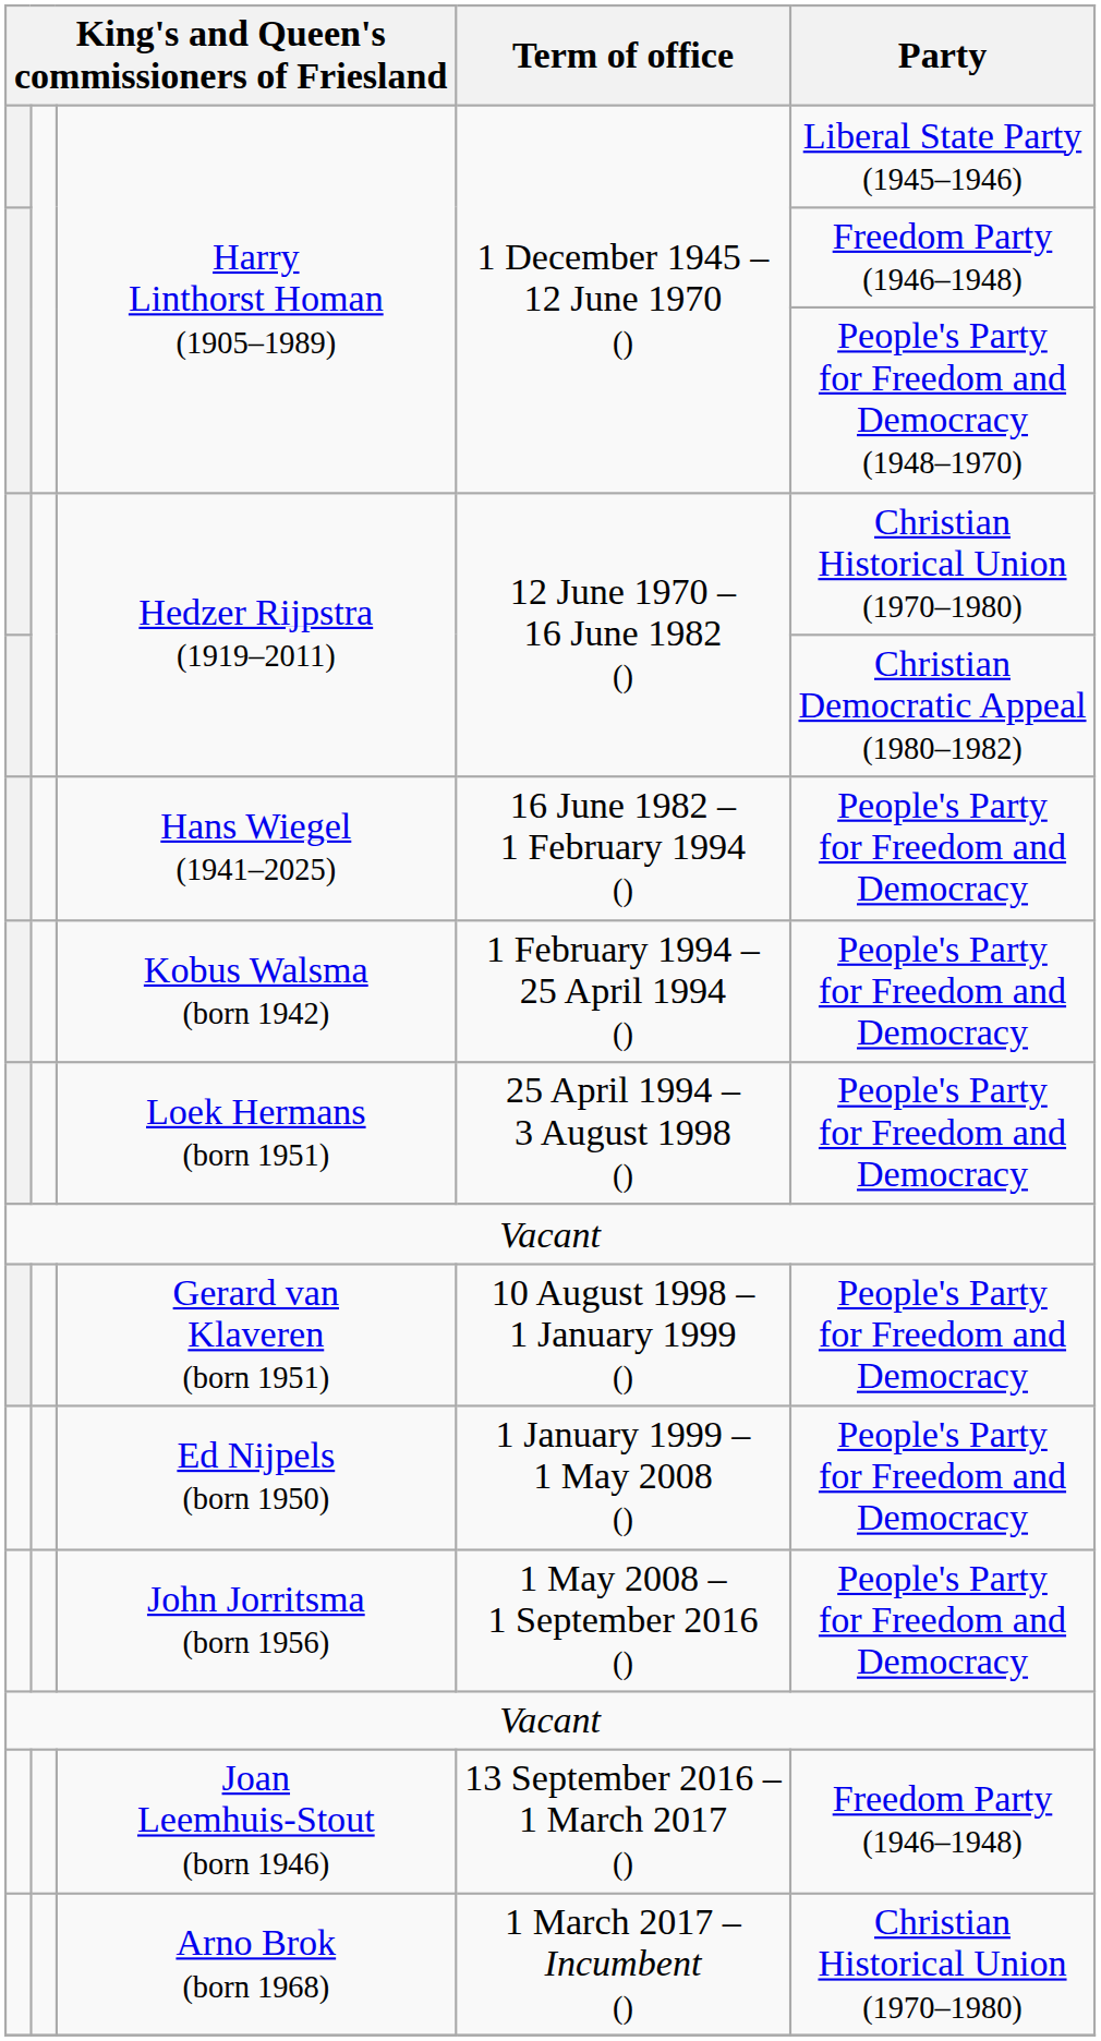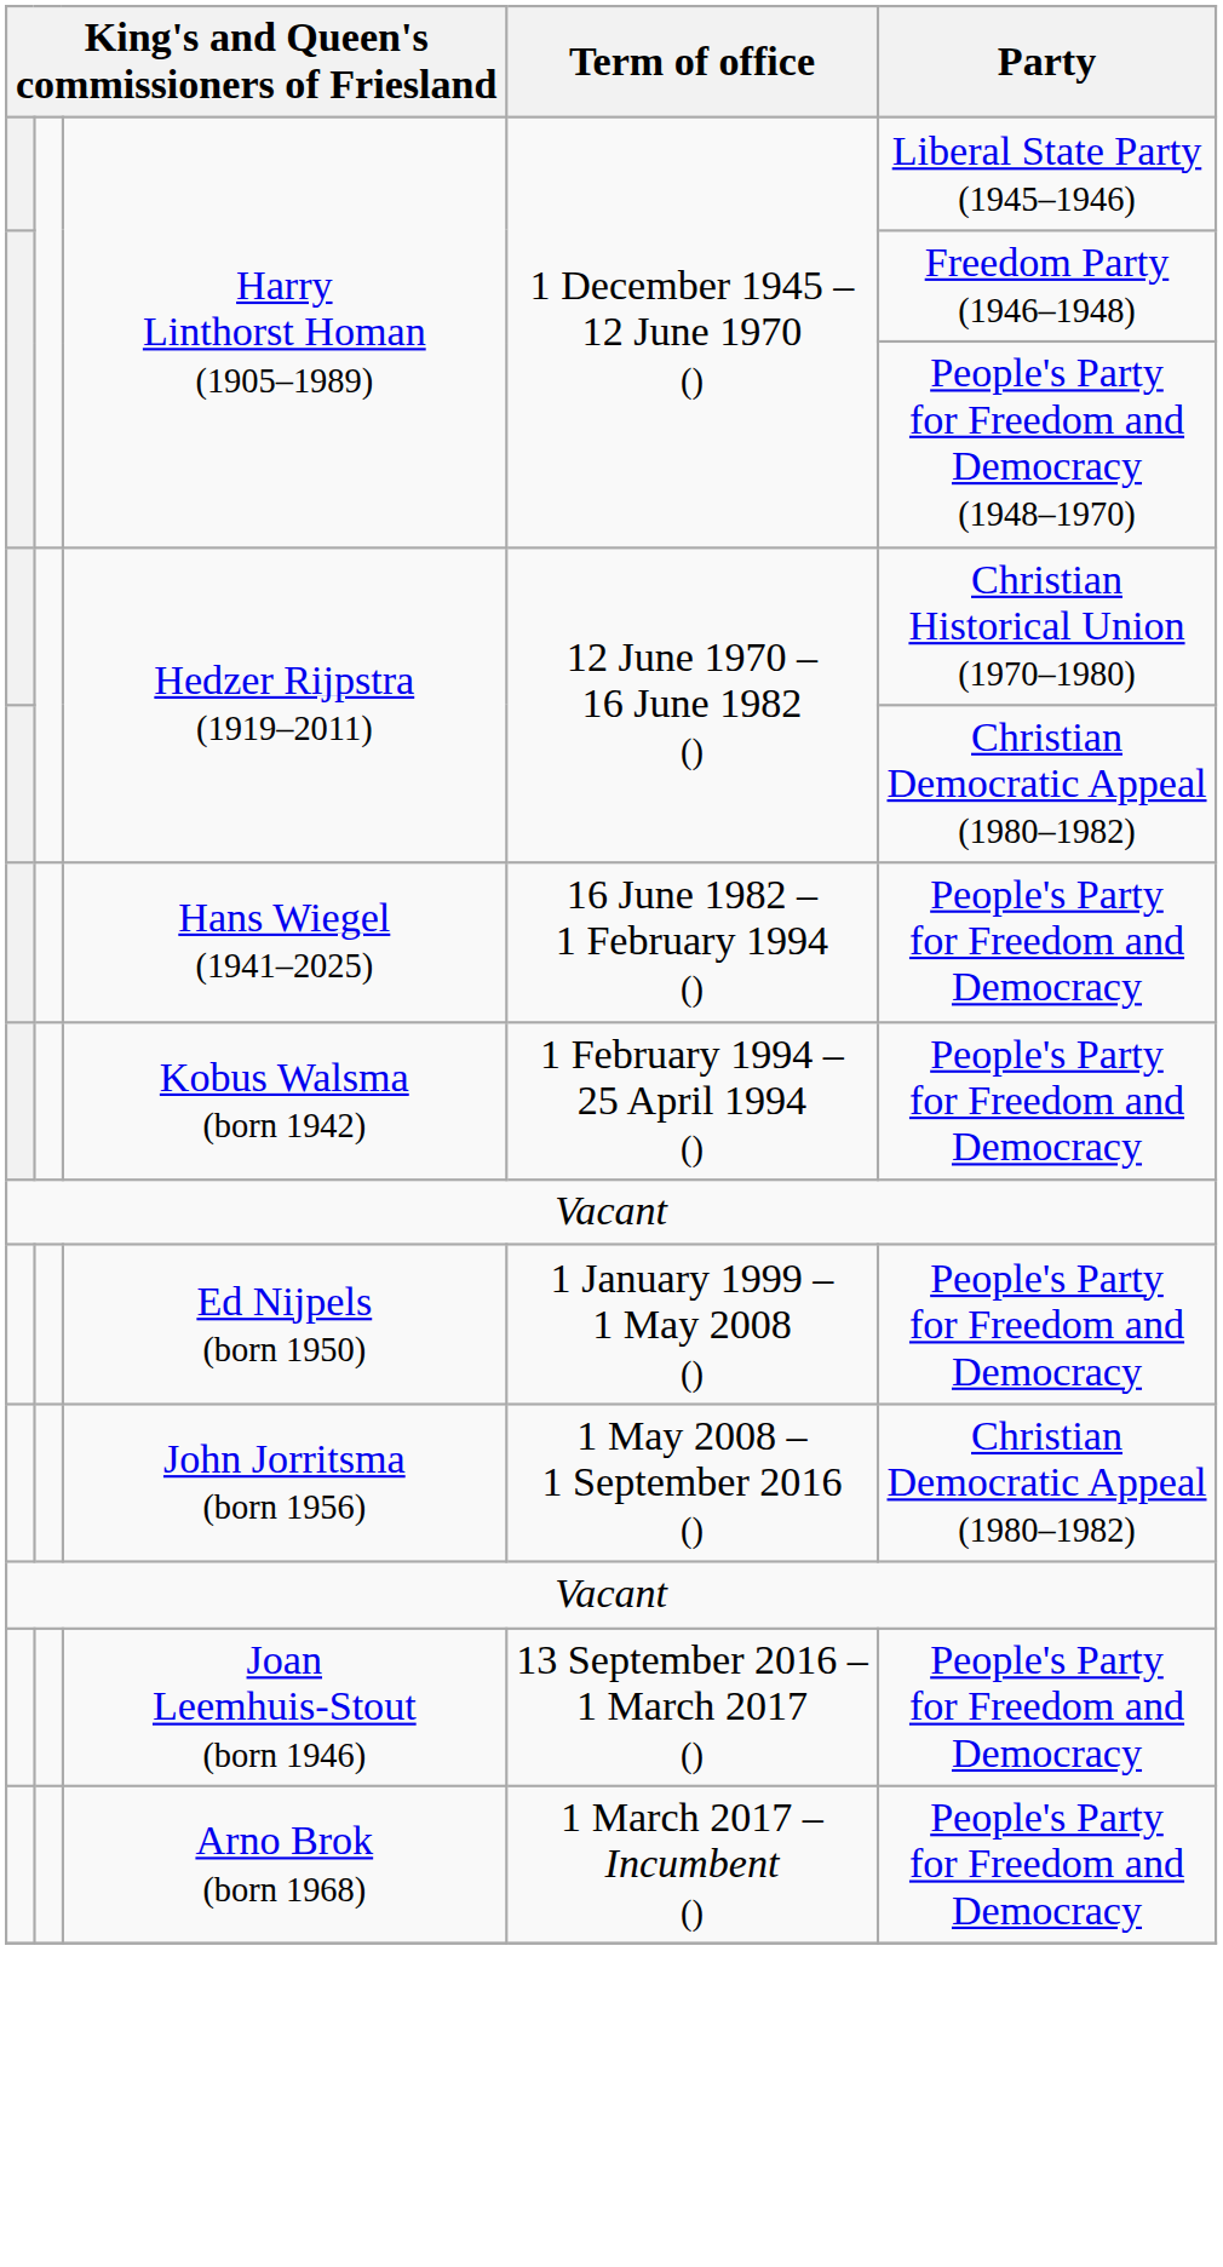 <table class="wikitable" style="text-align:center">
 <tr>
 <th colspan=3>King's and Queen's <br> commissioners of Friesland</th>
 <th>Term of office</th>
 <th>Party</th>
 </tr>
 <tr>
 <th style="background:"></th>
 <td rowspan=3></td>
 <td rowspan=3><a href='#'>Harry <br> Linthorst Homan</a> <br> <small>(1905–1989)</small></td>
 <td rowspan=3>1 December 1945 – <br> 12 June 1970 <br> <small>()</small> <br> </td>
 <td><a href='#'>Liberal State Party</a> <br> <small>(1945–1946)</small></td>
 </tr>
 <tr>
 <th rowspan=2 style="background:"></th>
 <td><a href='#'>Freedom Party</a> <br> <small>(1946–1948)</small></td>
 </tr>
 <tr>
 <td><a href='#'>People's Party <br> for Freedom and <br> Democracy</a> <br> <small>(1948–1970)</small></td>
 </tr>
 <tr>
 <th style="background:"></th>
 <td rowspan=2></td>
 <td rowspan=2><a href='#'>Hedzer Rijpstra</a> <br> <small>(1919–2011)</small></td>
 <td rowspan=2>12 June 1970 – <br> 16 June 1982 <br> <small>()</small> <br> </td>
 <td><a href='#'>Christian <br> Historical Union</a> <br> <small>(1970–1980)</small></td>
 </tr>
 <tr>
 <th style="background:"></th>
 <td><a href='#'>Christian <br> Democratic Appeal</a> <br> <small>(1980–1982)</small></td>
 </tr>
 <tr>
 <th style="background:"></th>
 <td></td>
 <td><a href='#'>Hans Wiegel</a> <br> <small>(1941–2025)</small></td>
 <td>16 June 1982 – <br> 1 February 1994 <br> <small>()</small> <br> </td>
 <td><a href='#'>People's Party <br> for Freedom and <br> Democracy</a></td>
 </tr>
 <tr>
 <th style="background:"></th>
 <td></td>
 <td><a href='#'>Kobus Walsma</a> <br> <small>(born 1942)</small></td>
 <td>1 February 1994 – <br> 25 April 1994 <br> <small>()</small> <br> </td>
 <td><a href='#'>People's Party <br> for Freedom and <br> Democracy</a></td>
 </tr>
 <tr>
-<th style="background:"></th>
-<td></td>
-<td><a href='#'>Loek Hermans</a> <br> <small>(born 1951)</small></td>
-<td>25 April 1994 – <br> 3 August 1998 <br> <small>()</small> <br> </td>
-<td><a href='#'>People's Party <br> for Freedom and <br> Democracy</a></td>
-</tr>
-<tr>
 <td colspan=5><em>Vacant</em></td>
-</tr>
-<tr>
-<th style="background:"></th>
-<td></td>
-<td><a href='#'>Gerard van <br> Klaveren</a> <br> <small>(born 1951)</small></td>
-<td>10 August 1998 – <br> 1 January 1999 <br> <small>()</small> <br> </td>
-<td><a href='#'>People's Party <br> for Freedom and <br> Democracy</a></td>
 </tr>
 <tr>
 <td style="background:"></td>
 <td></td>
 <td><a href='#'>Ed Nijpels</a> <br> <small>(born 1950)</small></td>
 <td>1 January 1999 – <br> 1 May 2008 <br> <small>()</small> <br> </td>
 <td><a href='#'>People's Party <br> for Freedom and <br> Democracy</a></td>
 </tr>
 <tr>
 <td style="background:"></td>
 <td></td>
 <td><a href='#'>John Jorritsma</a> <br> <small>(born 1956)</small></td>
 <td>1 May 2008 – <br> 1 September 2016 <br> <small>()</small> <br> </td>
-<td><a href='#'>People's Party <br> for Freedom and <br> Democracy</a></td>
+<td><a href='#'>Christian <br> Democratic Appeal</a> <br> <small>(1980–1982)</small></td>
 </tr>
 <tr>
 <td colspan=5><em>Vacant</em></td>
 </tr>
 <tr>
 <td style="background:"></td>
 <td></td>
 <td><a href='#'>Joan <br> Leemhuis-Stout</a> <br> <small>(born 1946)</small></td>
 <td>13 September 2016 – <br> 1 March 2017 <br> <small>()</small> <br> </td>
-<td><a href='#'>Freedom Party</a> <br> <small>(1946–1948)</small></td>
+<td><a href='#'>People's Party <br> for Freedom and <br> Democracy</a></td>
 </tr>
 <tr>
 <td style="background:"></td>
 <td></td>
 <td><a href='#'>Arno Brok</a> <br> <small>(born 1968)</small></td>
 <td>1 March 2017 – <br> <em>Incumbent</em> <br> <small>()</small></td>
-<td><a href='#'>Christian <br> Historical Union</a> <br> <small>(1970–1980)</small></td>
+<td><a href='#'>People's Party <br> for Freedom and <br> Democracy</a></td>
 </tr>
 <tr>
 </tr>
 </table>
